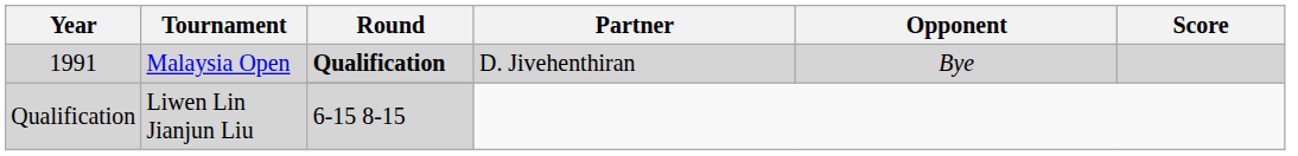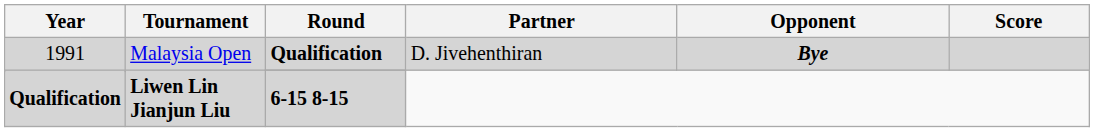 <table class="sortable wikitable" style="font-size: 95%;">
 <tr>
 <th width="50">Year</th>
 <th width="100">Tournament</th>
 <th width="100">Round</th>
 <th width="200">Partner</th>
 <th width="200">Opponent</th>
 <th width="100">Score</th>
 </tr>
 <tr style="background:#D5D5D5">
 <td align="center" rowspan="2">1991</td>
 <td align="left" rowspan="2"><a href='#'>Malaysia Open</a></td>
 <td align="left"><strong>Qualification</strong></td>
 <td align="left" rowspan="2"> D. Jivehenthiran</td>
-<td align="center"><em>Bye</em></td>
+<td align="center"><strong><em>Bye</em></strong></td>
 <td align="left"></td>
 </tr>
 <tr>
 </tr>
 <tr style="background:#D5D5D5">
-<td align="left">Qualification</td>
-<td align="left"> Liwen Lin<br> Jianjun Liu</td>
-<td align="left">6-15 8-15</td>
+<td align="left"><strong>Qualification</strong></td>
+<td align="left"><strong> Liwen Lin<br> Jianjun Liu</strong></td>
+<td align="left"><strong>6-15 8-15</strong></td>
 </tr>
 </table>
